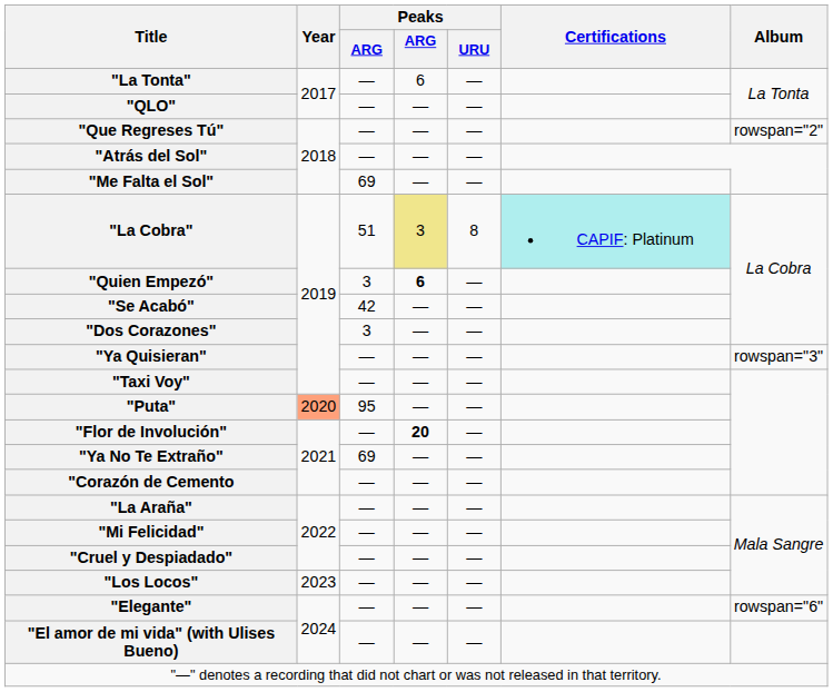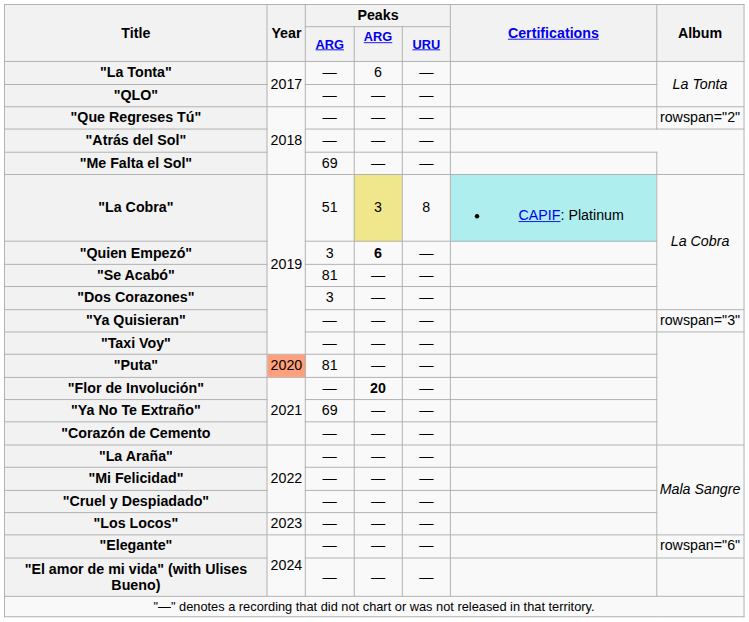 <table class="wikitable plainrowheaders" style="text-align:center;">
 <tr>
 <th scope="col" style="width:18em;" rowspan="2">Title</th>
 <th scope="col" rowspan="2">Year</th>
 <th scope="col" colspan="3">Peaks</th>
 <th scope="col" rowspan="2" style="width:14em;"><a href='#'>Certifications</a></th>
 <th scope="col" rowspan="2">Album</th>
 </tr>
 <tr>
 <th scope="col" style="width:3.3em;font-size:90%;"><a href='#'>ARG</a><br></th>
 <th scope="col" style="width:3.3em;font-size:90%;"><a href='#'>ARG<br></a><br></th>
 <th scope="col" style="width:3.3em;font-size:90%;"><a href='#'>URU</a><br></th>
 </tr>
 <tr>
 <th scope="row">"La Tonta"</th>
 <td rowspan="2">2017</td>
 <td>—</td>
 <td>6</td>
 <td>—</td>
 <td></td>
 <td rowspan="2"><em>La Tonta</em></td>
 </tr>
 <tr>
 <th scope="row">"QLO"</th>
 <td>—</td>
 <td>—</td>
 <td>—</td>
 <td></td>
 </tr>
 <tr>
 <th scope="row">"Que Regreses Tú"</th>
 <td rowspan="3">2018</td>
 <td>—</td>
 <td>—</td>
 <td>—</td>
 <td></td>
 <td>rowspan="2" </td>
 </tr>
 <tr>
 <th scope="row">"Atrás del Sol"</th>
 <td>—</td>
 <td>—</td>
 <td>—</td>
 </tr>
 <tr>
 <th scope="row">"Me Falta el Sol" </th>
 <td>69</td>
 <td>—</td>
 <td>—</td>
 <td></td>
 </tr>
 <tr>
 <th scope="row">"La Cobra"</th>
 <td rowspan="6">2019</td>
 <td>51</td>
 <td style="background: khaki;">3</td>
 <td>8</td>
 <td style="background: paleturquoise;"><br><ul><li><a href='#'>CAPIF</a>: Platinum</li></ul></td>
 <td rowspan="4"><em>La Cobra</em></td>
 </tr>
 <tr>
 <th scope="row">"Quien Empezó" </th>
 <td>3</td>
 <td><strong>6</strong></td>
 <td>—</td>
 <td></td>
 </tr>
 <tr>
 <th scope="row">"Se Acabó"</th>
-<td>42</td>
+<td>81</td>
 <td>—</td>
 <td>—</td>
 <td></td>
 </tr>
 <tr>
 <th scope="row">"Dos Corazones"</th>
 <td>3</td>
 <td>—</td>
 <td>—</td>
 <td></td>
 </tr>
 <tr>
 <th scope="row">"Ya Quisieran"</th>
 <td>—</td>
 <td>—</td>
 <td>—</td>
 <td></td>
 <td>rowspan="3" </td>
 </tr>
 <tr>
 <th scope="row">"Taxi Voy"</th>
 <td>—</td>
 <td>—</td>
 <td>—</td>
 <td></td>
 </tr>
 <tr>
 <th scope="row">"Puta"</th>
 <td style="background: lightsalmon;">2020</td>
-<td>95</td>
+<td>81</td>
 <td>—</td>
 <td>—</td>
 <td></td>
 </tr>
 <tr>
 <th scope="row">"Flor de Involución"</th>
 <td rowspan="3">2021</td>
 <td>—</td>
 <td><strong>20</strong></td>
 <td>—</td>
 <td></td>
 </tr>
 <tr>
 <th scope="row">"Ya No Te Extraño"</th>
 <td>69</td>
 <td>—</td>
 <td>—</td>
 <td></td>
 </tr>
 <tr>
 <th scope="row">"Corazón de Cemento<br></th>
 <td>—</td>
 <td>—</td>
 <td>—</td>
 <td></td>
 </tr>
 <tr>
 <th scope="row">"La Araña"</th>
 <td rowspan="3">2022</td>
 <td>—</td>
 <td>—</td>
 <td>—</td>
 <td></td>
 <td rowspan="4"><em>Mala Sangre</em></td>
 </tr>
 <tr>
 <th scope="row">"Mi Felicidad"</th>
 <td>—</td>
 <td>—</td>
 <td>—</td>
 <td></td>
 </tr>
 <tr>
 <th scope="row">"Cruel y Despiadado"</th>
 <td>—</td>
 <td>—</td>
 <td>—</td>
 <td></td>
 </tr>
 <tr>
 <th scope="row">"Los Locos"</th>
 <td>2023</td>
 <td>—</td>
 <td>—</td>
 <td>—</td>
 <td></td>
 </tr>
 <tr>
 <th scope="row">"Elegante" </th>
 <td rowspan="2">2024</td>
 <td>—</td>
 <td>—</td>
 <td>—</td>
 <td></td>
 <td>rowspan="6" </td>
 </tr>
 <tr>
 <th scope="row">"El amor de mi vida" (with Ulises Bueno)</th>
 <td>—</td>
 <td>—</td>
 <td>—</td>
 <td></td>
 </tr>
 <tr>
 <td colspan="14" style="font-size:90%">"—" denotes a recording that did not chart or was not released in that territory.</td>
 </tr>
 </table>
